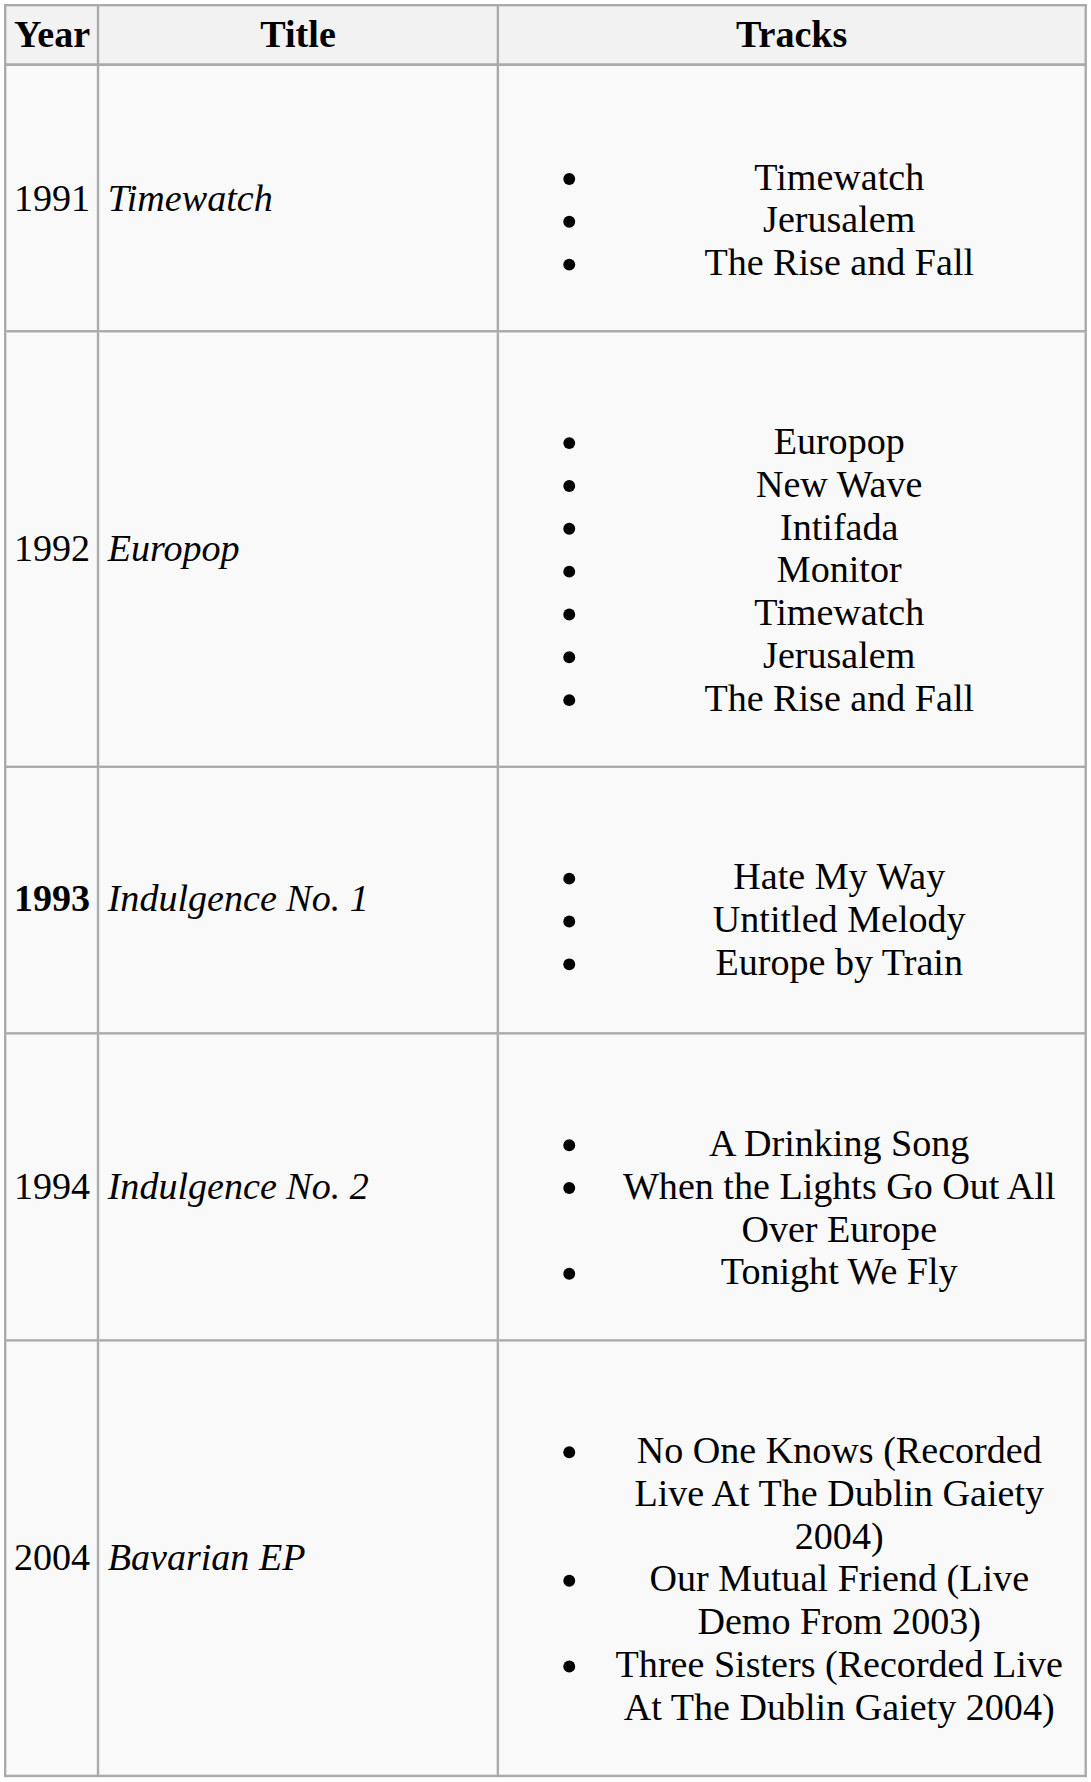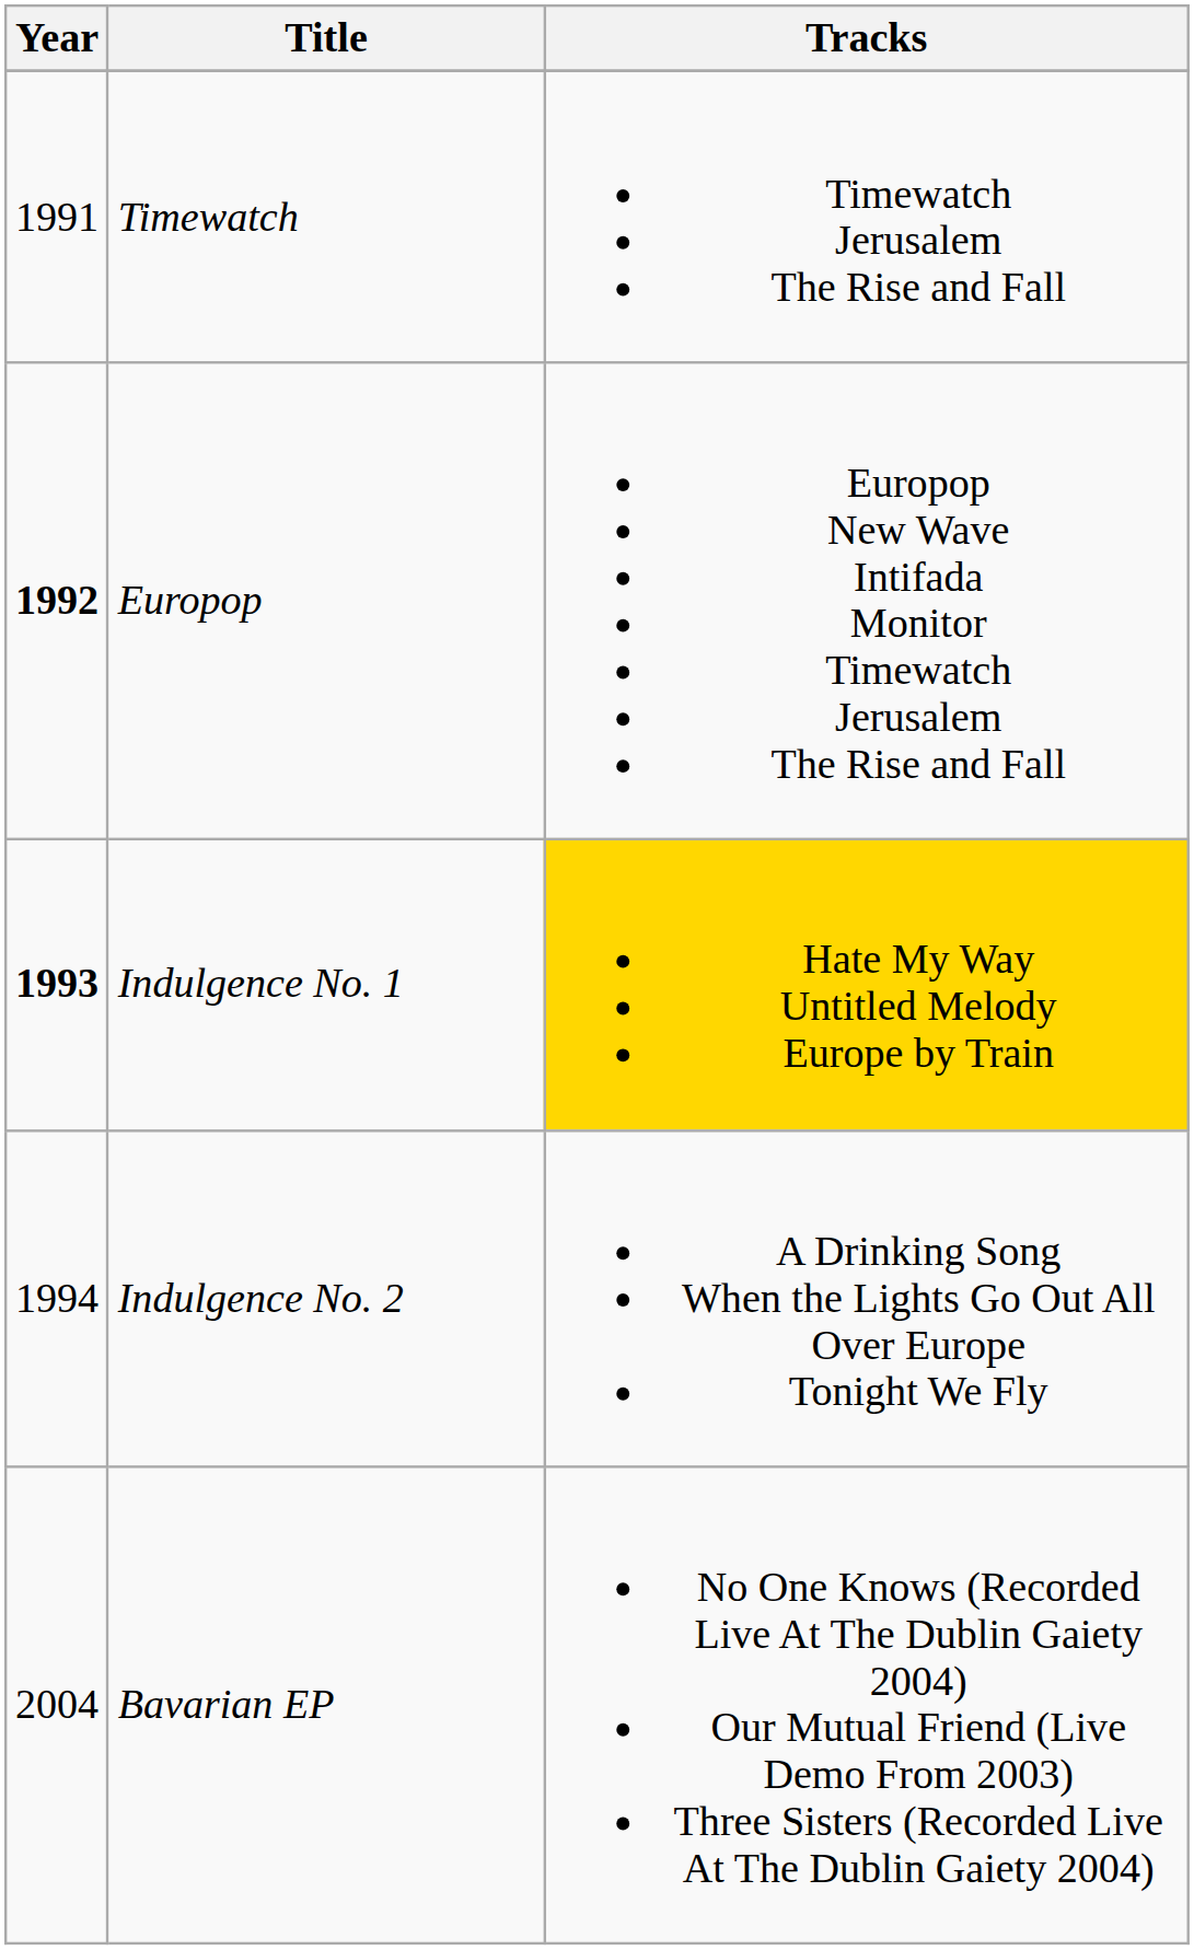 <table class="wikitable" style="text-align:center;">
 <tr>
 <th style="width:2em;">Year</th>
 <th style="width:10em;">Title</th>
 <th style="width:15em;">Tracks</th>
 </tr>
 <tr>
 </tr>
 <tr>
 <td>1991</td>
 <td style="text-align:left;"><em>Timewatch</em></td>
 <td><br><ul><li>Timewatch</li><li>Jerusalem</li><li>The Rise and Fall</li></ul></td>
 </tr>
 <tr>
-<td>1992</td>
+<td><strong>1992</strong></td>
 <td style="text-align:left;"><em>Europop</em></td>
 <td><br><ul><li>Europop</li><li>New Wave</li><li>Intifada</li><li>Monitor</li><li>Timewatch</li><li>Jerusalem</li><li>The Rise and Fall</li></ul></td>
 </tr>
 <tr>
 <td><strong>1993</strong></td>
 <td style="text-align:left;"><em>Indulgence No. 1</em></td>
-<td><br><ul><li>Hate My Way</li><li>Untitled Melody</li><li>Europe by Train</li></ul></td>
+<td style="background: gold;"><br><ul><li>Hate My Way</li><li>Untitled Melody</li><li>Europe by Train</li></ul></td>
 </tr>
 <tr>
 <td>1994</td>
 <td style="text-align:left;"><em>Indulgence No. 2</em></td>
 <td><br><ul><li>A Drinking Song</li><li>When the Lights Go Out All Over Europe</li><li>Tonight We Fly</li></ul></td>
 </tr>
 <tr>
 <td>2004</td>
 <td style="text-align:left;"><em>Bavarian EP</em></td>
 <td><br><ul><li>No One Knows (Recorded Live At The Dublin Gaiety 2004)</li><li>Our Mutual Friend (Live Demo From 2003)</li><li>Three Sisters (Recorded Live At The Dublin Gaiety 2004)</li></ul></td>
 </tr>
 </table>
